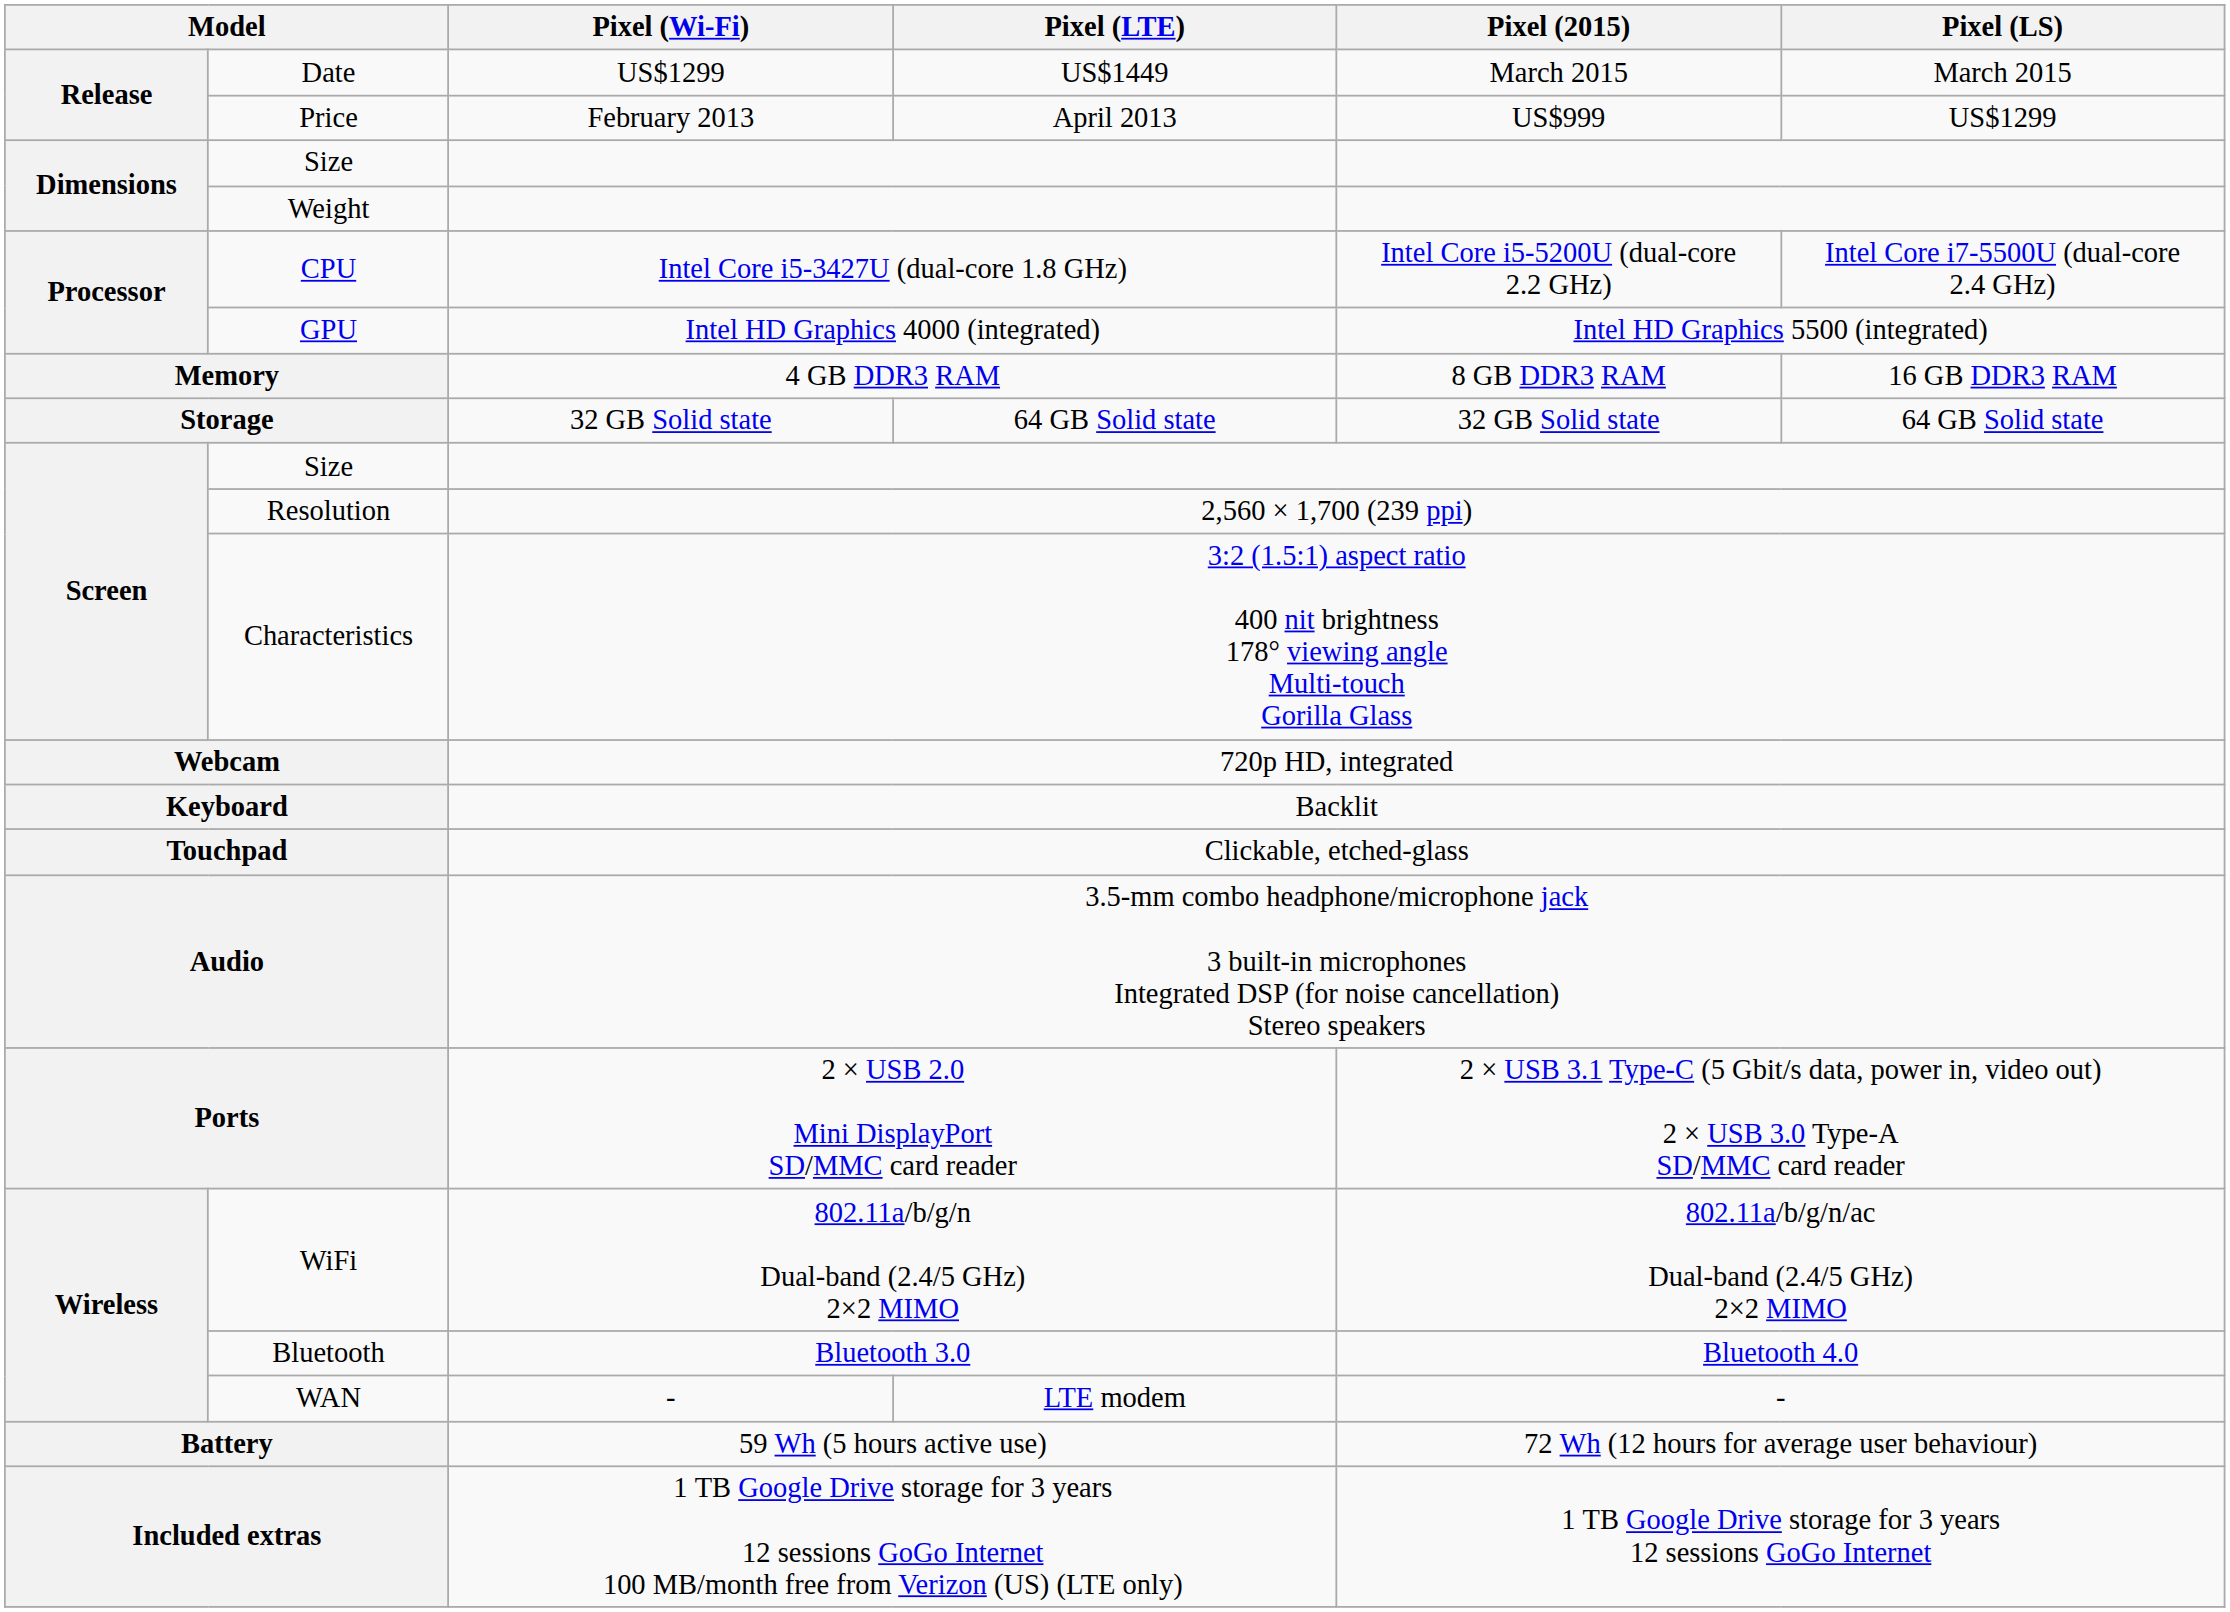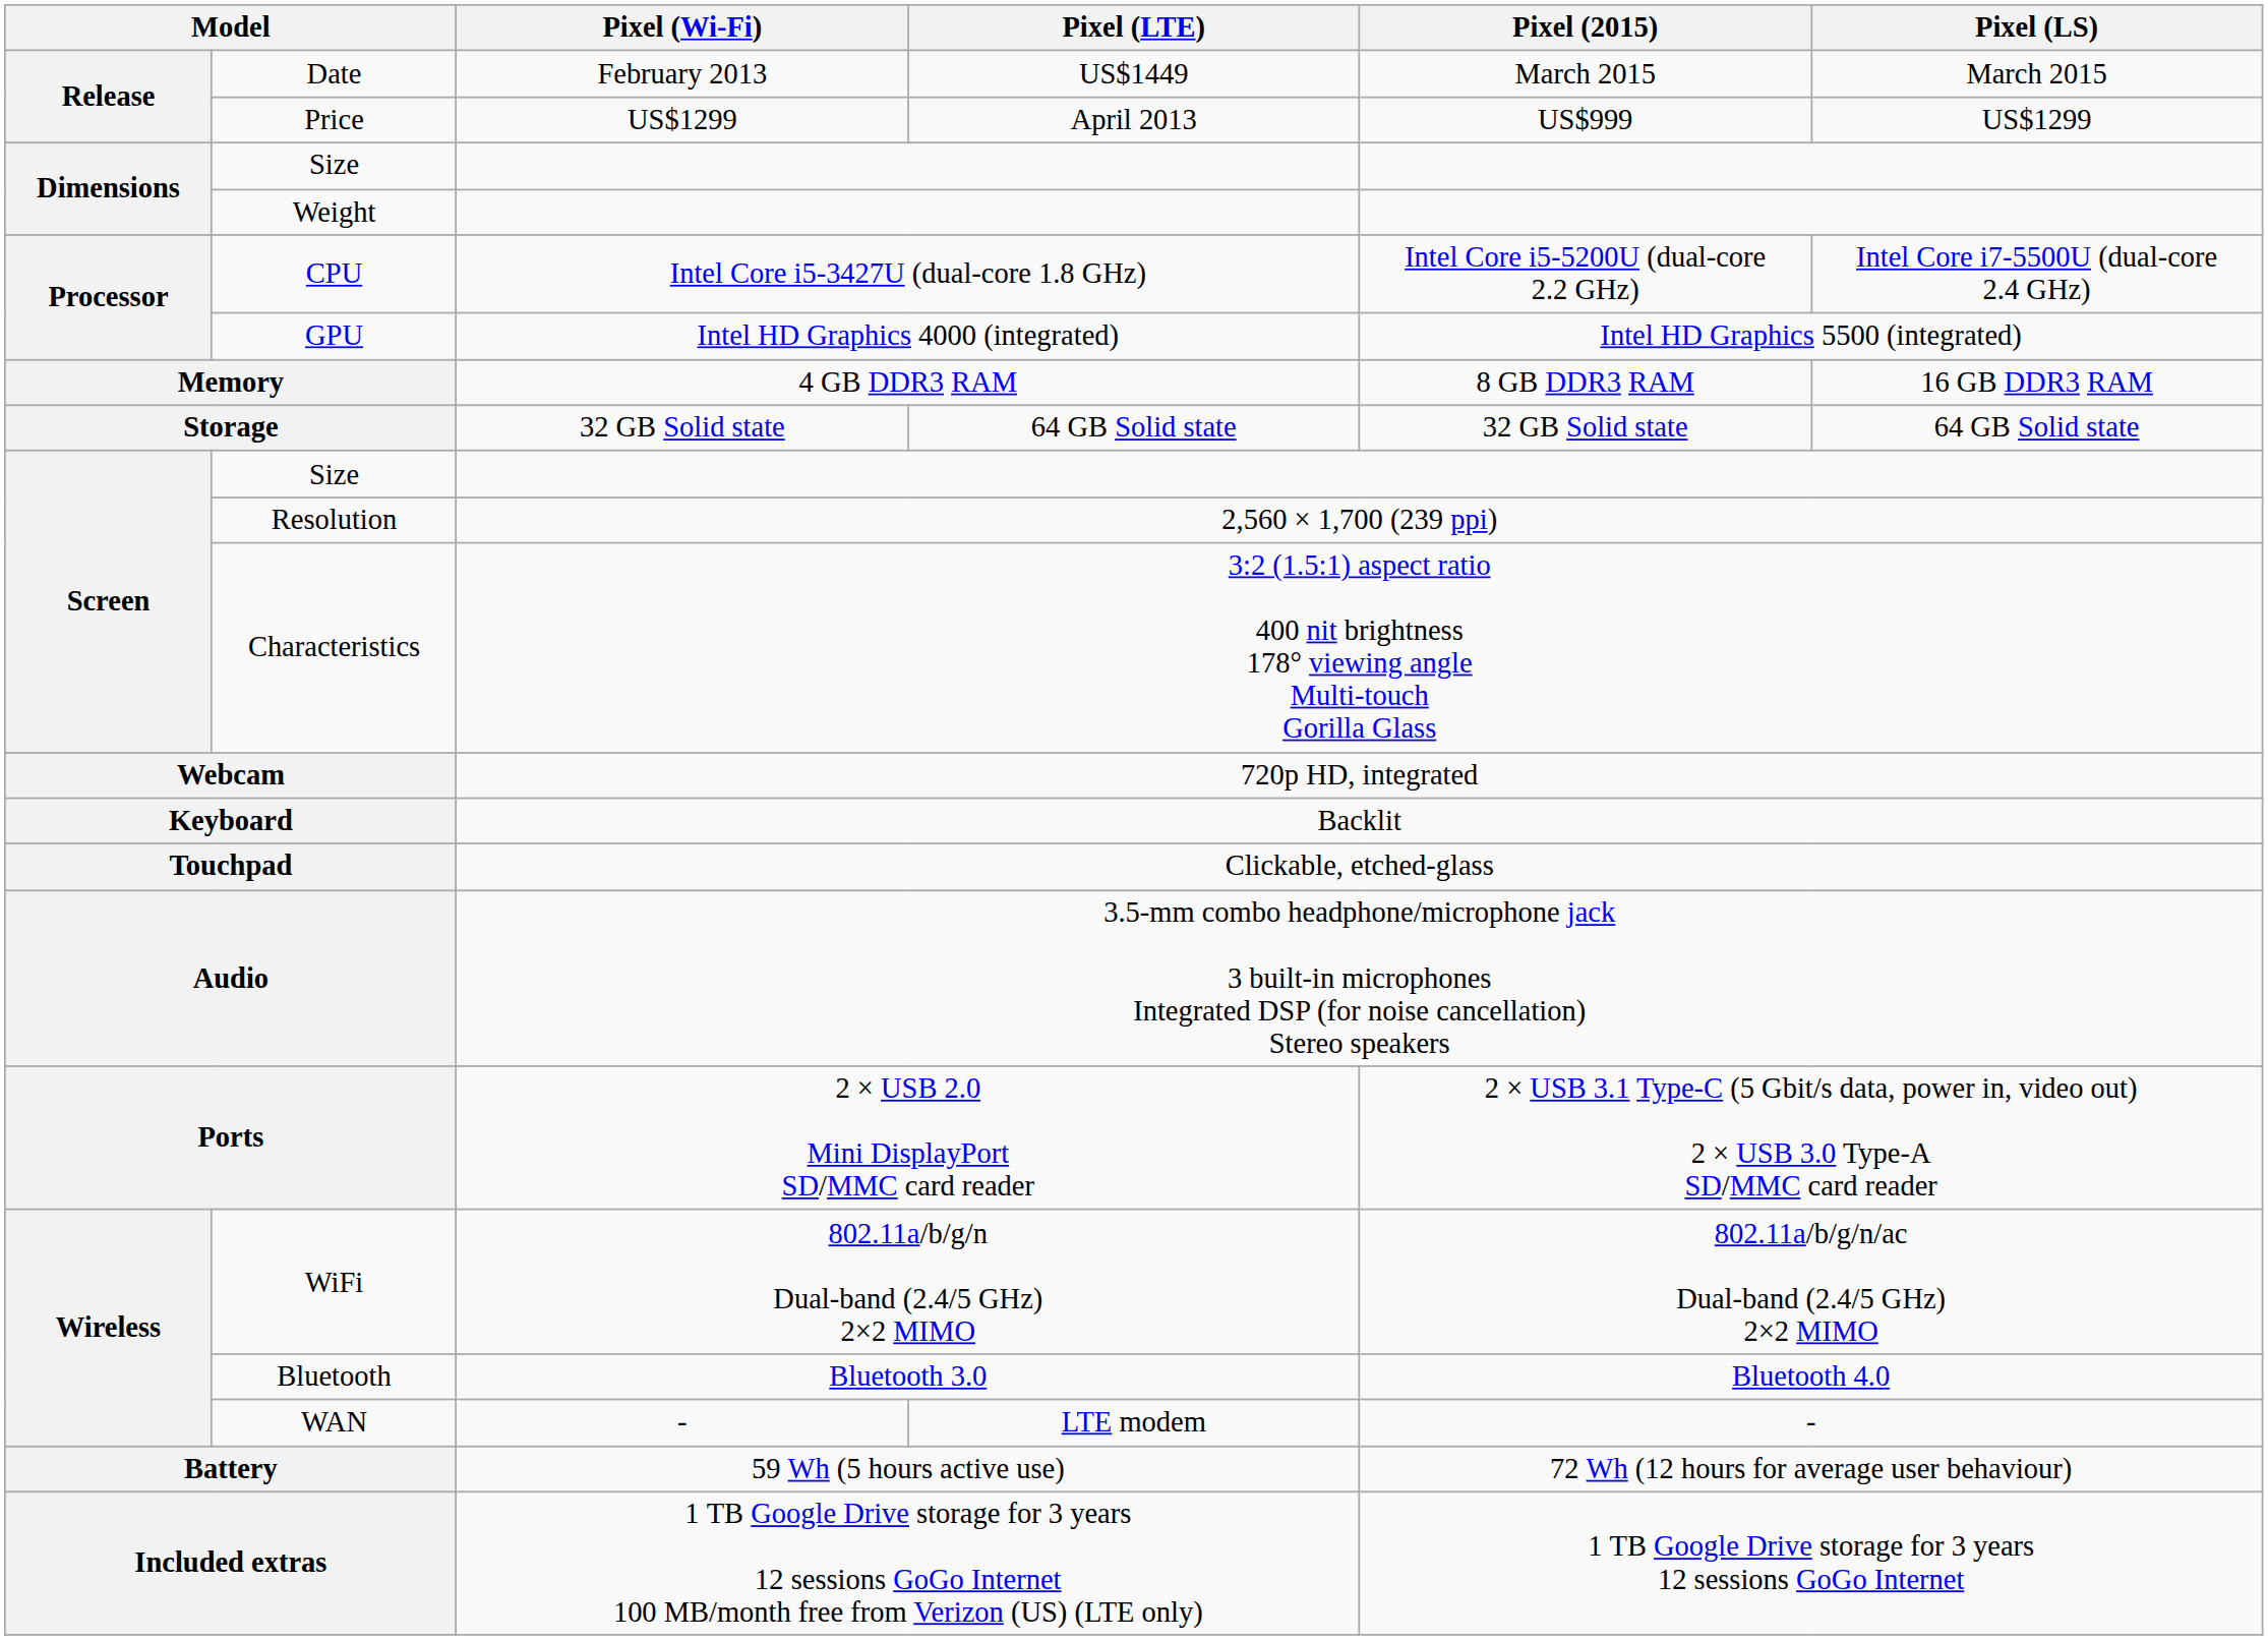 <table class="wikitable" style="text-align: center" border="1">
 <tr>
 <th colspan=2>Model</th>
 <th style="width:20%;">Pixel (<a href='#'>Wi-Fi</a>) </th>
 <th style="width:20%;">Pixel (<a href='#'>LTE</a>) </th>
 <th style="width:20%;">Pixel (2015) </th>
 <th style="width:20%;">Pixel (LS) </th>
 </tr>
 <tr>
 <th rowspan=2>Release</th>
 <td>Date</td>
-<td>US$1299</td>
+<td>February 2013</td>
 <td>US$1449</td>
 <td>March 2015</td>
 <td>March 2015</td>
 </tr>
 <tr>
 <td>Price</td>
-<td>February 2013</td>
+<td>US$1299</td>
 <td>April 2013</td>
 <td>US$999</td>
 <td>US$1299</td>
 </tr>
 <tr>
 <th rowspan=2>Dimensions</th>
 <td>Size</td>
 <td colspan="2"></td>
 <td colspan="2"></td>
 </tr>
 <tr>
 <td>Weight</td>
 <td colspan="2"></td>
 <td colspan="2"></td>
 </tr>
 <tr>
 <th rowspan=2>Processor</th>
 <td><a href='#'>CPU</a></td>
 <td colspan="2"><a href='#'>Intel Core i5-3427U</a> (dual-core 1.8 GHz)</td>
 <td><a href='#'>Intel Core i5-5200U</a> (dual-core 2.2 GHz)</td>
 <td><a href='#'>Intel Core i7-5500U</a> (dual-core 2.4 GHz)</td>
 </tr>
 <tr>
 <td><a href='#'>GPU</a></td>
 <td colspan="2"><a href='#'>Intel HD Graphics</a> 4000 (integrated)</td>
 <td colspan=2><a href='#'>Intel HD Graphics</a> 5500 (integrated)</td>
 </tr>
 <tr>
 <th colspan=2>Memory</th>
 <td colspan="2">4 GB <a href='#'>DDR3</a> <a href='#'>RAM</a></td>
 <td>8 GB <a href='#'>DDR3</a> <a href='#'>RAM</a></td>
 <td>16 GB <a href='#'>DDR3</a> <a href='#'>RAM</a></td>
 </tr>
 <tr>
 <th colspan=2>Storage</th>
 <td>32 GB <a href='#'>Solid state</a></td>
 <td>64 GB <a href='#'>Solid state</a></td>
 <td>32 GB <a href='#'>Solid state</a></td>
 <td>64 GB <a href='#'>Solid state</a></td>
 </tr>
 <tr>
 <th rowspan=3>Screen</th>
 <td>Size</td>
 <td colspan=4><br></td>
 </tr>
 <tr>
 <td>Resolution</td>
 <td colspan=4>2,560 × 1,700 (239 <a href='#'>ppi</a>)<br></td>
 </tr>
 <tr>
 <td>Characteristics</td>
 <td colspan=4><a href='#'>3:2 (1.5:1) aspect ratio</a><br><br>400 <a href='#'>nit</a> brightness<br> 178° <a href='#'>viewing angle</a><br> <a href='#'>Multi-touch</a><br> <a href='#'>Gorilla Glass</a></td>
 </tr>
 <tr>
 <th colspan=2>Webcam</th>
 <td colspan="4">720p HD, integrated</td>
 </tr>
 <tr>
 <th colspan=2>Keyboard</th>
 <td colspan="4">Backlit</td>
 </tr>
 <tr>
 <th colspan=2>Touchpad</th>
 <td colspan="4">Clickable, etched-glass</td>
 </tr>
 <tr>
 <th colspan=2>Audio</th>
 <td colspan="4">3.5-mm combo headphone/microphone <a href='#'>jack</a><br><br>3 built-in microphones<br> Integrated DSP (for noise cancellation)<br> Stereo speakers</td>
 </tr>
 <tr>
 <th colspan=2>Ports</th>
 <td colspan="2">2 × <a href='#'>USB 2.0</a><br><br><a href='#'>Mini DisplayPort</a><br> <a href='#'>SD</a>/<a href='#'>MMC</a> card reader</td>
 <td colspan="2">2 × <a href='#'>USB 3.1</a> <a href='#'>Type-C</a> (5 Gbit/s data, power in, video out)<br><br>2 × <a href='#'>USB 3.0</a> Type-A<br> <a href='#'>SD</a>/<a href='#'>MMC</a> card reader</td>
 </tr>
 <tr>
 <th rowspan=3>Wireless</th>
 <td>WiFi</td>
 <td colspan="2"><a href='#'>802.11a</a>/b/g/n<br><br>Dual-band (2.4/5 GHz)<br> 2×2 <a href='#'>MIMO</a></td>
 <td colspan="2"><a href='#'>802.11a</a>/b/g/n/ac<br><br>Dual-band (2.4/5 GHz)<br> 2×2 <a href='#'>MIMO</a></td>
 </tr>
 <tr>
 <td>Bluetooth</td>
 <td colspan="2"><a href='#'>Bluetooth 3.0</a></td>
 <td colspan="2"><a href='#'>Bluetooth 4.0</a></td>
 </tr>
 <tr>
 <td>WAN</td>
 <td>-</td>
 <td><a href='#'>LTE</a> modem</td>
 <td colspan="2">-</td>
 </tr>
 <tr>
 <th colspan=2>Battery</th>
 <td colspan="2">59 <a href='#'>Wh</a> (5 hours active use)</td>
 <td colspan="2">72 <a href='#'>Wh</a> (12 hours for average user behaviour)</td>
 </tr>
 <tr>
 <th colspan=2>Included extras</th>
 <td colspan="2">1 TB <a href='#'>Google Drive</a> storage for 3 years<br><br>12 sessions <a href='#'>GoGo Internet</a><br> 100 MB/month free from <a href='#'>Verizon</a> (US) (LTE only)</td>
 <td colspan="2">1 TB <a href='#'>Google Drive</a> storage for 3 years<br>12 sessions <a href='#'>GoGo Internet</a><br></td>
 </tr>
 </table>
